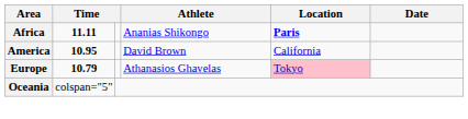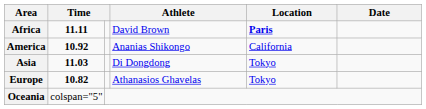 <table class="wikitable">
 <tr>
 <th width="45">Area</th>
 <th width="80" colspan="2">Time</th>
 <th width="200">Athlete</th>
 <th width="130">Location</th>
 <th width="120">Date</th>
 </tr>
 <tr>
 <th>Africa</th>
 <td align="center"><strong>11.11</strong></td>
 <td align="center"></td>
-<td> <a href='#'>Ananias Shikongo</a></td>
+<td> <a href='#'>David Brown</a></td>
 <td><strong> <a href='#'>Paris</a></strong></td>
 <td align="right"></td>
 </tr>
 <tr>
 <th>America</th>
-<td align="center"><strong>10.95</strong></td>
+<td align="center"><strong>10.92</strong></td>
 <td align="center"></td>
-<td> <a href='#'>David Brown</a></td>
+<td> <a href='#'>Ananias Shikongo</a></td>
 <td> <a href='#'>California</a></td>
 <td align="right"></td>
 </tr>
 <tr>
+<th>Asia</th>
+<td align="center"><strong>11.03</strong></td>
+<td align="center"></td>
+<td> <a href='#'>Di Dongdong</a></td>
+<td> <a href='#'>Tokyo</a></td>
+<td align="right"></td>
+</tr>
+<tr>
 <th>Europe</th>
-<td align="center"><strong>10.79</strong></td>
+<td align="center"><strong>10.82</strong></td>
 <td align="center"><strong></strong></td>
 <td> <a href='#'>Athanasios Ghavelas</a></td>
-<td style="background: pink;"> <a href='#'>Tokyo</a></td>
+<td> <a href='#'>Tokyo</a></td>
 <td align="right"></td>
 </tr>
 <tr>
 <th>Oceania</th>
 <td>colspan="5" </td>
 </tr>
 </table>
